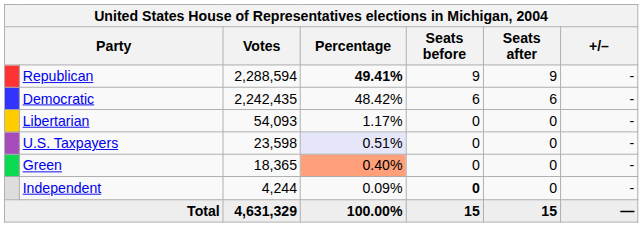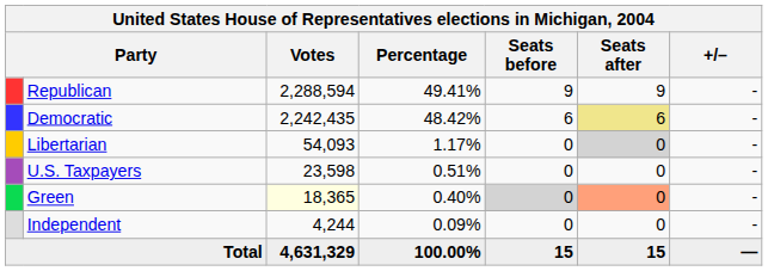 <table class="wikitable" style="font-size: 95%;">
 <tr>
 <th colspan="7">United States House of Representatives elections in Michigan, 2004</th>
 </tr>
 <tr>
 <th colspan=2 style="width: 15em">Party</th>
 <th style="width: 5em">Votes</th>
 <th style="width: 7em">Percentage</th>
 <th style="width: 5em">Seats before</th>
 <th style="width: 5em">Seats after</th>
 <th style="width: 5em">+/–</th>
 </tr>
 <tr>
 <th style="background-color:#FF3333; width: 3px"></th>
 <td style="width: 130px"><a href='#'>Republican</a></td>
 <td align="right">2,288,594</td>
-<td align="right"><strong>49.41%</strong></td>
+<td align="right">49.41%</td>
 <td align="right">9</td>
 <td align="right">9</td>
 <td align="right">-</td>
 </tr>
 <tr>
 <th style="background-color:#3333FF; width: 3px"></th>
 <td style="width: 130px"><a href='#'>Democratic</a></td>
 <td align="right">2,242,435</td>
 <td align="right">48.42%</td>
 <td align="right">6</td>
-<td align="right">6</td>
+<td align="right" style="background: khaki;">6</td>
 <td align="right">-</td>
 </tr>
 <tr>
 <th style="background-color:#FFCC00; width: 3px"></th>
 <td style="width: 130px"><a href='#'>Libertarian</a></td>
 <td align="right">54,093</td>
 <td align="right">1.17%</td>
 <td align="right">0</td>
-<td align="right">0</td>
+<td align="right" style="background: lightgrey;">0</td>
 <td align="right">-</td>
 </tr>
 <tr>
 <th style="background-color:#A54CBA; width: 3px"></th>
 <td style="width: 130px"><a href='#'>U.S. Taxpayers</a></td>
 <td align="right">23,598</td>
-<td align="right" style="background: lavender;">0.51%</td>
+<td align="right">0.51%</td>
 <td align="right">0</td>
 <td align="right">0</td>
 <td align="right">-</td>
 </tr>
 <tr>
 <th style="background-color:#0BDA51; width: 3px"></th>
 <td style="width: 130px"><a href='#'>Green</a></td>
-<td align="right">18,365</td>
-<td align="right" style="background: lightsalmon;">0.40%</td>
-<td align="right">0</td>
-<td align="right">0</td>
+<td align="right" style="background: lightyellow;">18,365</td>
+<td align="right">0.40%</td>
+<td align="right" style="background: lightgrey;">0</td>
+<td align="right" style="background: lightsalmon;">0</td>
 <td align="right">-</td>
 </tr>
 <tr>
 <th style="background-color:#DDDDDD; width: 3px"></th>
 <td style="width: 130px"><a href='#'>Independent</a></td>
 <td align="right">4,244</td>
 <td align="right">0.09%</td>
-<td align="right"><strong>0</strong></td>
+<td align="right">0</td>
 <td align="right">0</td>
 <td align="right">-</td>
 </tr>
 <tr bgcolor="#EEEEEE">
 <td colspan="2" align="right"><strong>Total</strong></td>
 <td align="right"><strong>4,631,329</strong></td>
 <td align="right"><strong>100.00%</strong></td>
 <td align="right"><strong>15</strong></td>
 <td align="right"><strong>15</strong></td>
 <td align="right"><strong>—</strong></td>
 </tr>
 </table>
